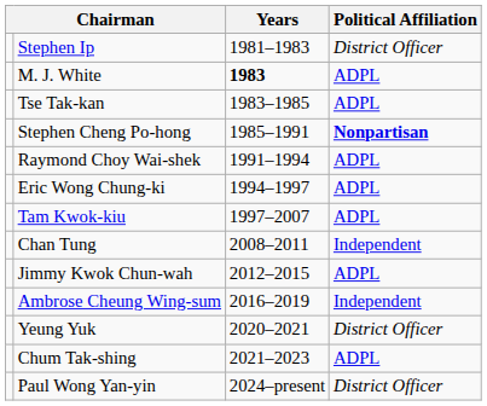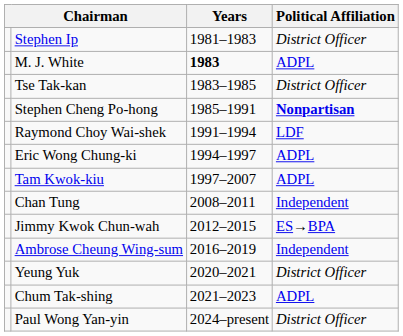 <table class="wikitable">
 <tr>
 <th colspan=2>Chairman</th>
 <th>Years</th>
 <th>Political Affiliation</th>
 </tr>
 <tr>
 <td style="color:inherit;background:"></td>
 <td><a href='#'>Stephen Ip</a></td>
 <td>1981–1983</td>
 <td><em>District Officer</em></td>
 </tr>
 <tr>
 <td style="color:inherit;background:"></td>
 <td>M. J. White</td>
 <td><strong>1983</strong></td>
 <td><a href='#'>ADPL</a></td>
 </tr>
 <tr>
 <td style="color:inherit;background:"></td>
 <td>Tse Tak-kan</td>
 <td>1983–1985</td>
-<td><a href='#'>ADPL</a></td>
+<td><em>District Officer</em></td>
 </tr>
 <tr>
 <td style="color:inherit;background:"></td>
 <td>Stephen Cheng Po-hong</td>
 <td>1985–1991</td>
 <td><strong><a href='#'>Nonpartisan</a></strong></td>
 </tr>
 <tr>
 <td style="color:inherit;background:"></td>
 <td>Raymond Choy Wai-shek</td>
 <td>1991–1994</td>
-<td><a href='#'>ADPL</a></td>
+<td><a href='#'>LDF</a></td>
 </tr>
 <tr>
 <td style="color:inherit;background:"></td>
 <td>Eric Wong Chung-ki</td>
 <td>1994–1997</td>
 <td><a href='#'>ADPL</a></td>
 </tr>
 <tr>
 <td style="color:inherit;background:"></td>
 <td><a href='#'>Tam Kwok-kiu</a></td>
 <td>1997–2007</td>
 <td><a href='#'>ADPL</a></td>
 </tr>
 <tr>
 <td style="color:inherit;background:"></td>
 <td>Chan Tung</td>
 <td>2008–2011</td>
 <td><a href='#'>Independent</a></td>
 </tr>
 <tr>
 <td style="color:inherit;background:"></td>
 <td>Jimmy Kwok Chun-wah</td>
 <td>2012–2015</td>
-<td><a href='#'>ADPL</a></td>
+<td><a href='#'>ES</a>→<a href='#'>BPA</a></td>
 </tr>
 <tr>
 <td style="color:inherit;background:"></td>
 <td><a href='#'>Ambrose Cheung Wing-sum</a></td>
 <td>2016–2019</td>
 <td><a href='#'>Independent</a></td>
 </tr>
 <tr>
 <td style="color:inherit;background:"></td>
 <td>Yeung Yuk</td>
 <td>2020–2021</td>
 <td><em>District Officer</em></td>
 </tr>
 <tr>
 <td style="color:inherit;background:"></td>
 <td>Chum Tak-shing</td>
 <td>2021–2023</td>
 <td><a href='#'>ADPL</a></td>
 </tr>
 <tr>
 <td style="color:inherit;background:"></td>
 <td>Paul Wong Yan-yin</td>
 <td>2024–present</td>
 <td><em>District Officer</em></td>
 </tr>
 </table>
